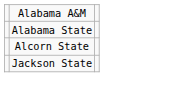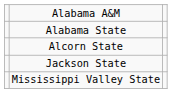 <table class="wikitable" style="display: inline-table;">
 <tr align="center">
 <td></td>
 <td>Alabama A&M</td>
 <td></td>
 </tr>
 <tr align="center">
 <td></td>
 <td>Alabama State</td>
 <td></td>
 </tr>
 <tr align="center">
 <td></td>
 <td>Alcorn State</td>
 <td></td>
 </tr>
 <tr align="center">
 <td></td>
 <td>Jackson State</td>
 <td></td>
 </tr>
+<tr align="center">
+<td></td>
+<td>Mississippi Valley State</td>
+<td></td>
+</tr>
 </table>
